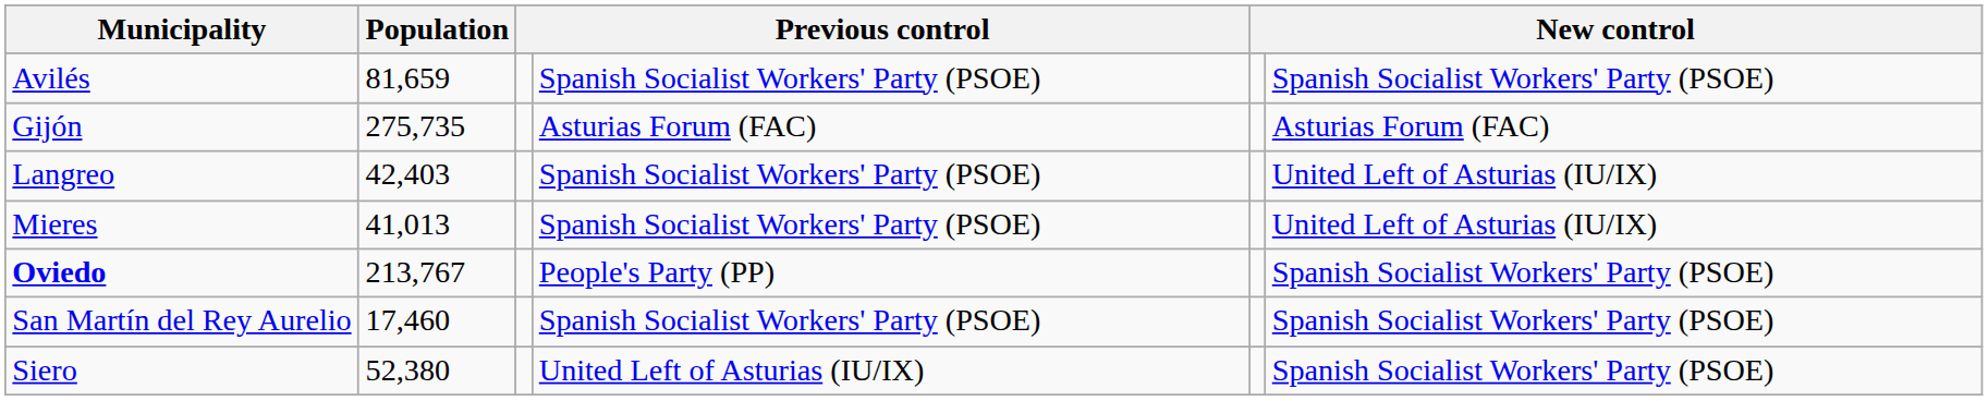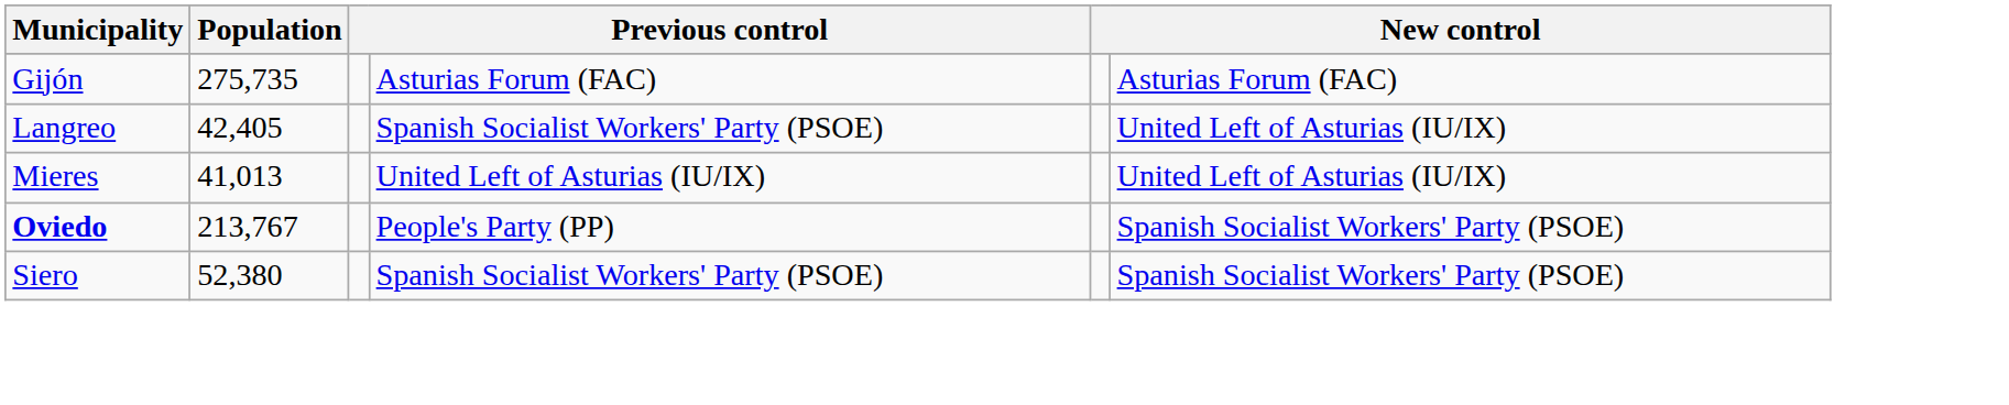 <table class="wikitable sortable">
 <tr>
 <th>Municipality</th>
 <th>Population</th>
 <th colspan="2" style="width:375px;">Previous control</th>
 <th colspan="2" style="width:375px;">New control</th>
-</tr>
-<tr>
-<td><a href='#'>Avilés</a></td>
-<td>81,659</td>
-<td width="1" style="color:inherit;background:"></td>
-<td><a href='#'>Spanish Socialist Workers' Party</a> (PSOE)</td>
-<td width="1" style="color:inherit;background:"></td>
-<td><a href='#'>Spanish Socialist Workers' Party</a> (PSOE)</td>
 </tr>
 <tr>
 <td><a href='#'>Gijón</a></td>
 <td>275,735</td>
 <td style="color:inherit;background:"></td>
 <td><a href='#'>Asturias Forum</a> (FAC)</td>
 <td style="color:inherit;background:"></td>
 <td><a href='#'>Asturias Forum</a> (FAC)</td>
 </tr>
 <tr>
 <td><a href='#'>Langreo</a></td>
-<td>42,403</td>
+<td>42,405</td>
 <td style="color:inherit;background:"></td>
 <td><a href='#'>Spanish Socialist Workers' Party</a> (PSOE)</td>
 <td style="color:inherit;background:"></td>
 <td><a href='#'>United Left of Asturias</a> (IU/IX)</td>
 </tr>
 <tr>
 <td><a href='#'>Mieres</a></td>
 <td>41,013</td>
 <td style="color:inherit;background:"></td>
-<td><a href='#'>Spanish Socialist Workers' Party</a> (PSOE)</td>
+<td><a href='#'>United Left of Asturias</a> (IU/IX)</td>
 <td style="color:inherit;background:"></td>
 <td><a href='#'>United Left of Asturias</a> (IU/IX)</td>
 </tr>
 <tr>
 <td><strong><a href='#'>Oviedo</a></strong></td>
 <td>213,767</td>
 <td style="color:inherit;background:"></td>
 <td><a href='#'>People's Party</a> (PP)</td>
 <td style="color:inherit;background:"></td>
 <td><a href='#'>Spanish Socialist Workers' Party</a> (PSOE)</td>
 </tr>
 <tr>
-<td><a href='#'>San Martín del Rey Aurelio</a></td>
-<td>17,460</td>
+<td><a href='#'>Siero</a></td>
+<td>52,380</td>
 <td style="color:inherit;background:"></td>
 <td><a href='#'>Spanish Socialist Workers' Party</a> (PSOE)</td>
 <td style="color:inherit;background:"></td>
 <td><a href='#'>Spanish Socialist Workers' Party</a> (PSOE)</td>
 </tr>
-<tr>
-<td><a href='#'>Siero</a></td>
-<td>52,380</td>
-<td style="color:inherit;background:"></td>
-<td><a href='#'>United Left of Asturias</a> (IU/IX)</td>
-<td style="color:inherit;background:"></td>
-<td><a href='#'>Spanish Socialist Workers' Party</a> (PSOE)</td>
-</tr>
 </table>
